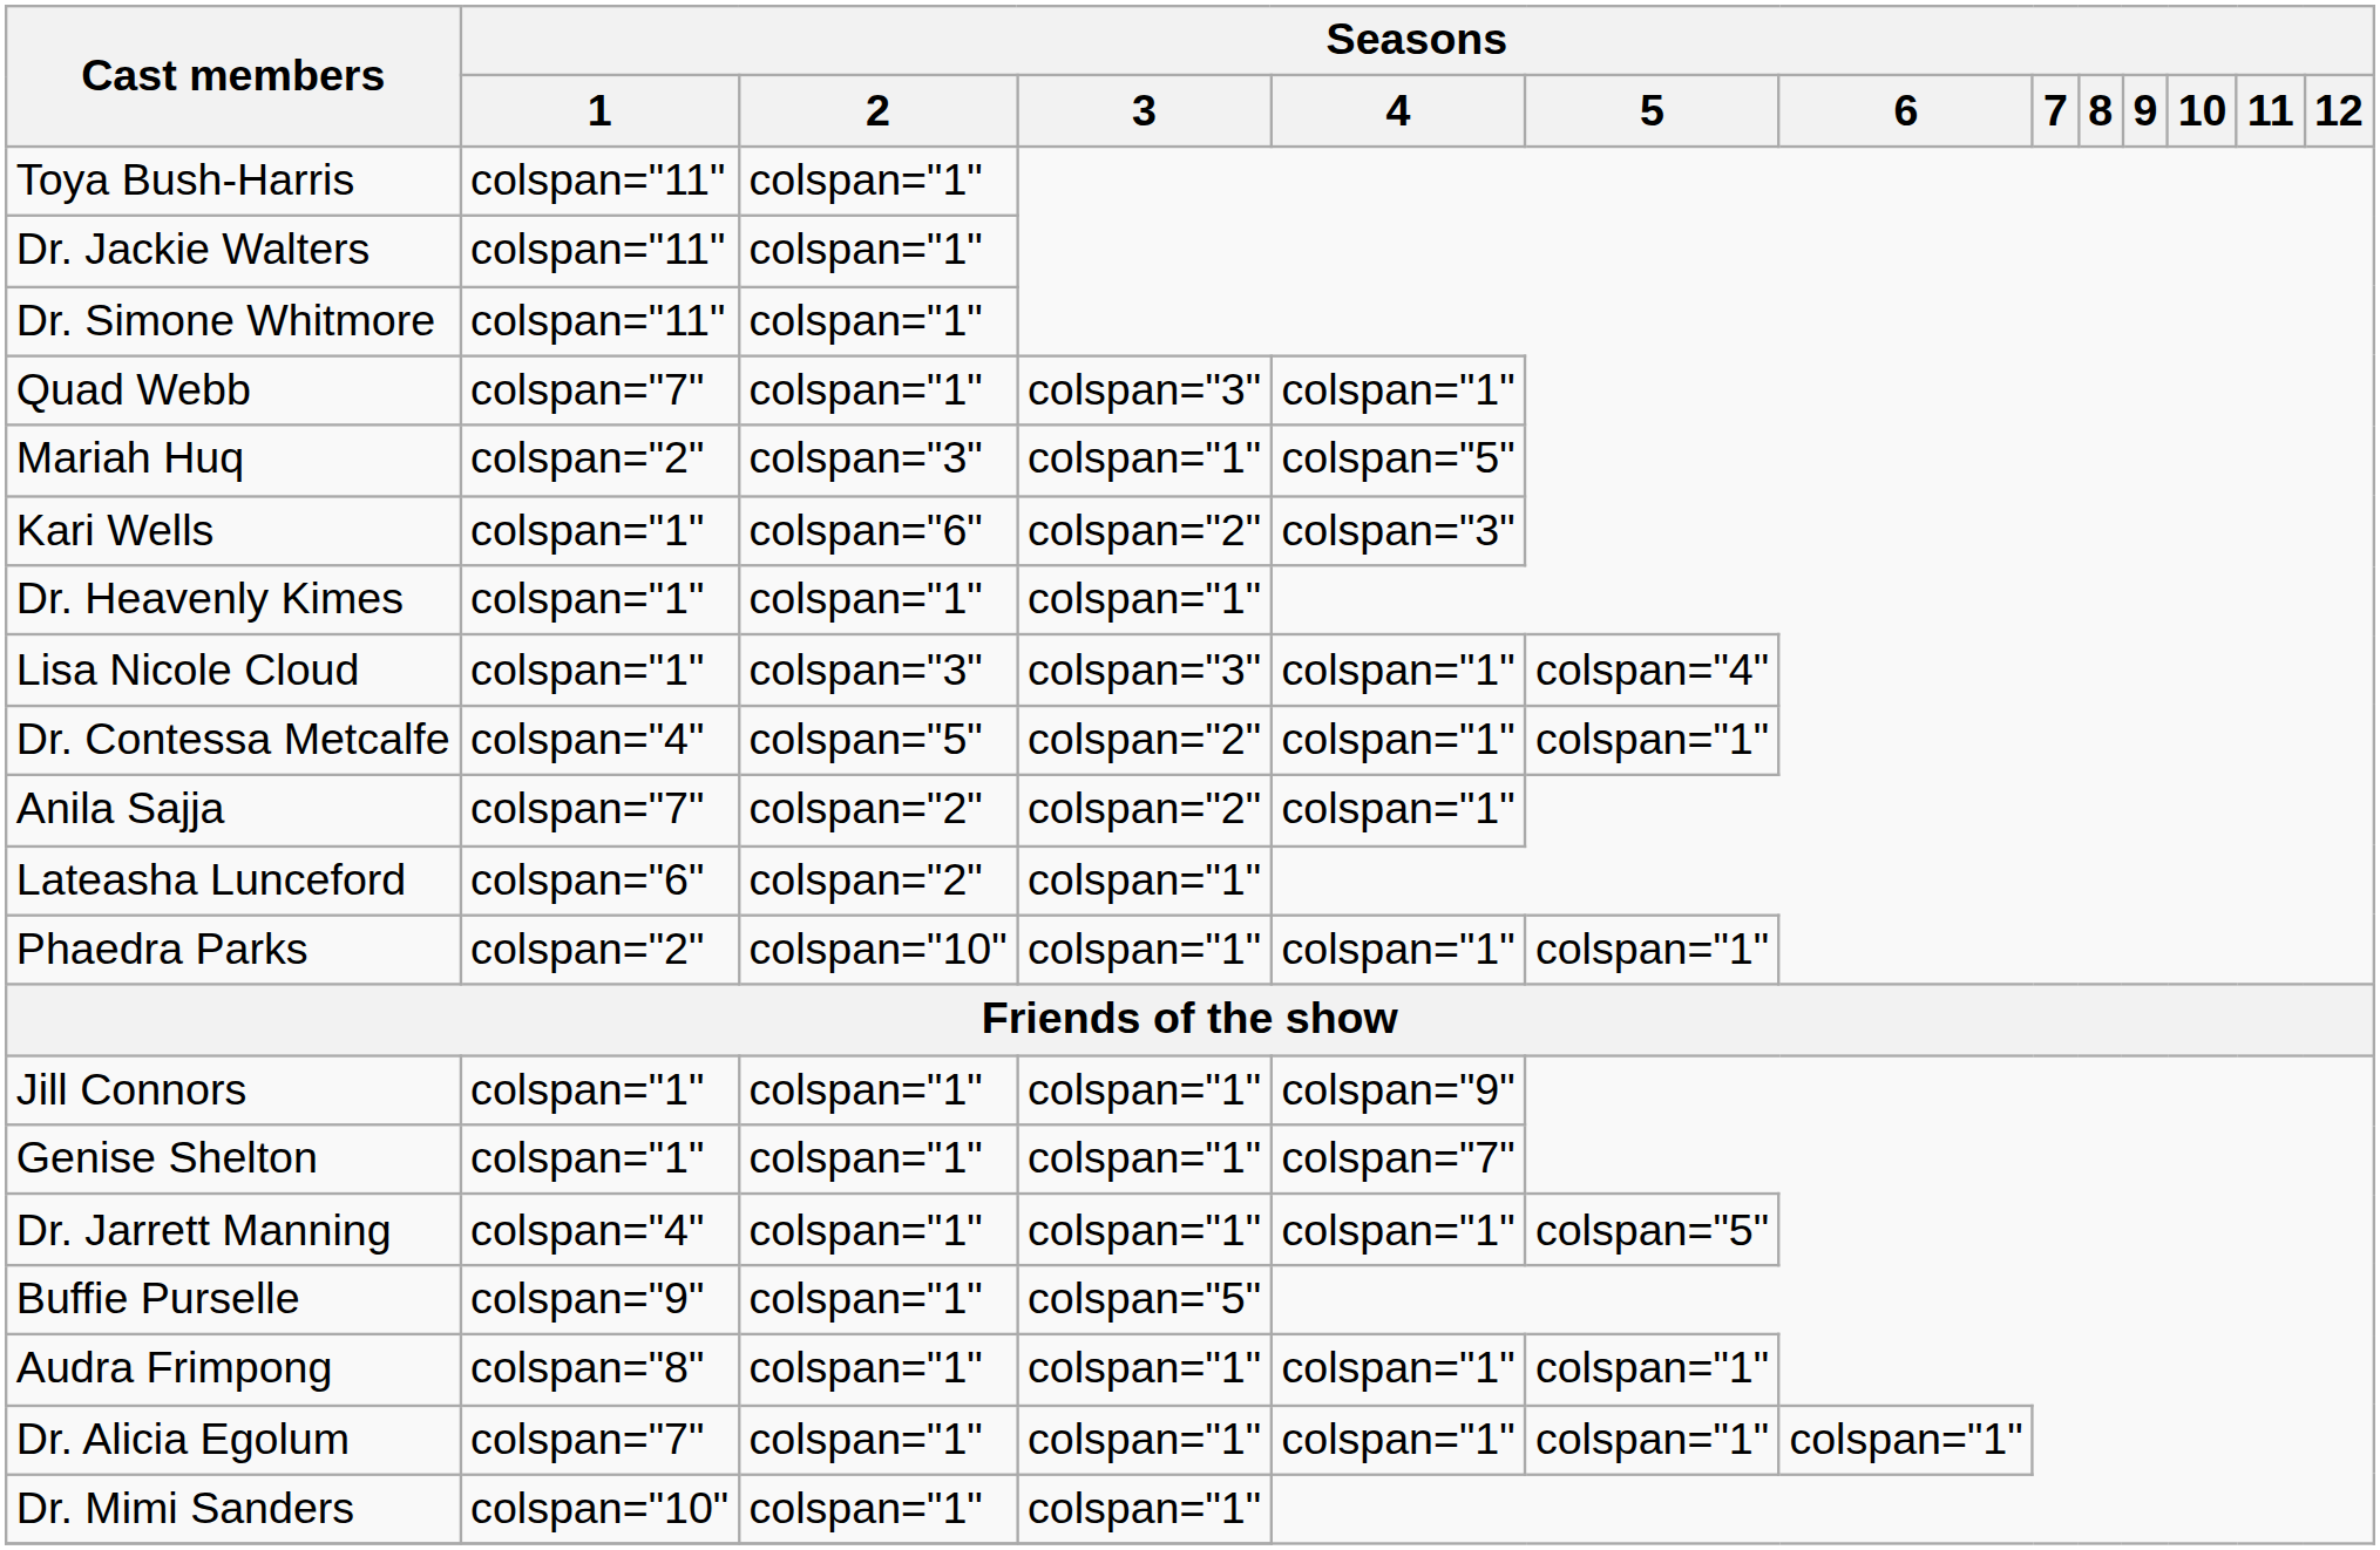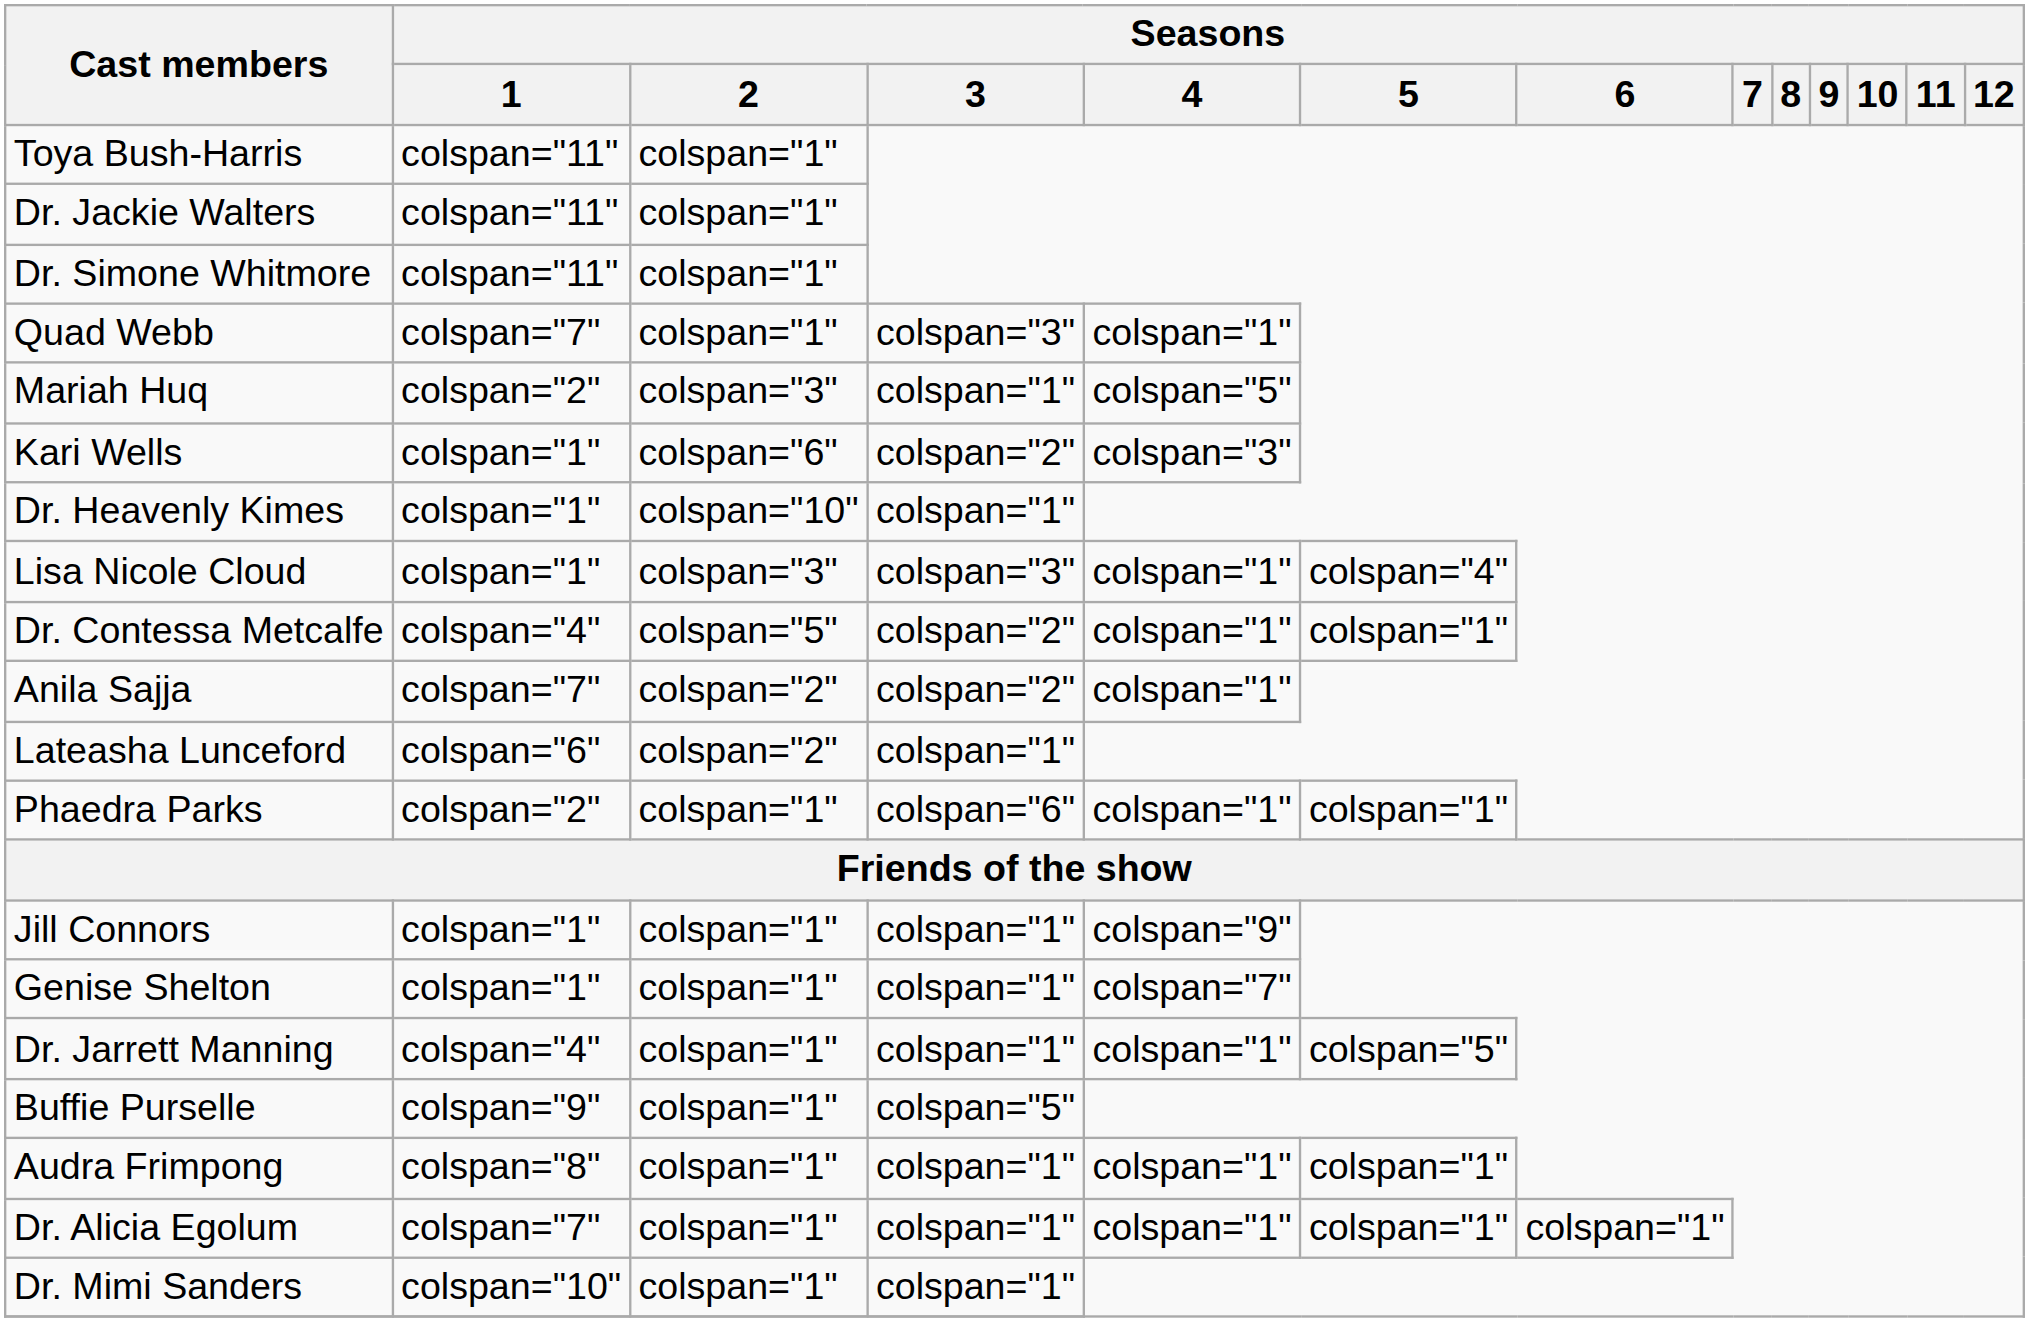 <table class="wikitable plainrowheaders" width="100%">
 <tr>
 <th scope="col" rowspan="2" style="width:10%;">Cast members</th>
 <th scope="col" colspan="12">Seasons</th>
 </tr>
 <tr>
 <th scope="col" style="width:4%;">1</th>
 <th scope="col" style="width:4%;">2</th>
 <th scope="col" style="width:4%;">3</th>
 <th scope="col" style="width:4%;">4</th>
 <th scope="col" style="width:4%;">5</th>
 <th scope="col" style="width:4%;">6</th>
 <th scope="col" style="width:4%;">7</th>
 <th scope="col" style="width:4%;">8</th>
 <th scope="col" style="width:4%;">9</th>
 <th scope="col" style="width:4%;">10</th>
 <th scope="col" style="width:4%;">11</th>
 <th scope="col" style="width:4%;">12</th>
 </tr>
 <tr>
 <td>Toya Bush-Harris</td>
 <td>colspan="11" </td>
 <td>colspan="1" </td>
 </tr>
 <tr>
 <td>Dr. Jackie Walters</td>
 <td>colspan="11" </td>
 <td>colspan="1" </td>
 </tr>
 <tr>
 <td>Dr. Simone Whitmore</td>
 <td>colspan="11" </td>
 <td>colspan="1" </td>
 </tr>
 <tr>
 <td>Quad Webb</td>
 <td>colspan="7" </td>
 <td>colspan="1" </td>
 <td>colspan="3" </td>
 <td>colspan="1" </td>
 </tr>
 <tr>
 <td>Mariah Huq</td>
 <td>colspan="2" </td>
 <td>colspan="3" </td>
 <td>colspan="1" </td>
 <td>colspan="5" </td>
 </tr>
 <tr>
 <td>Kari Wells</td>
 <td>colspan="1" </td>
 <td>colspan="6" </td>
 <td>colspan="2" </td>
 <td>colspan="3" </td>
 </tr>
 <tr>
 <td>Dr. Heavenly Kimes</td>
 <td>colspan="1" </td>
-<td>colspan="1" </td>
+<td>colspan="10" </td>
 <td>colspan="1" </td>
 </tr>
 <tr>
 <td>Lisa Nicole Cloud</td>
 <td>colspan="1" </td>
 <td>colspan="3" </td>
 <td>colspan="3" </td>
 <td>colspan="1" </td>
 <td>colspan="4" </td>
 </tr>
 <tr>
 <td nowrap>Dr. Contessa Metcalfe</td>
 <td>colspan="4" </td>
 <td>colspan="5" </td>
 <td>colspan="2" </td>
 <td>colspan="1" </td>
 <td>colspan="1" </td>
 </tr>
 <tr>
 <td>Anila Sajja</td>
 <td>colspan="7" </td>
 <td>colspan="2" </td>
 <td>colspan="2" </td>
 <td>colspan="1" </td>
 </tr>
 <tr>
 <td>Lateasha Lunceford</td>
 <td>colspan="6" </td>
 <td>colspan="2" </td>
 <td>colspan="1" </td>
 </tr>
 <tr>
 <td>Phaedra Parks</td>
 <td>colspan="2" </td>
-<td>colspan="10" </td>
 <td>colspan="1" </td>
+<td>colspan="6" </td>
 <td>colspan="1" </td>
 <td>colspan="1" </td>
 </tr>
 <tr>
 <th Colspan="13">Friends of the show</th>
 </tr>
 <tr>
 <td>Jill Connors</td>
 <td>colspan="1" </td>
 <td>colspan="1" </td>
 <td>colspan="1" </td>
 <td>colspan="9" </td>
 </tr>
 <tr>
 <td>Genise Shelton</td>
 <td>colspan="1" </td>
 <td>colspan="1" </td>
 <td>colspan="1" </td>
 <td>colspan="7" </td>
 </tr>
 <tr>
 <td>Dr. Jarrett Manning</td>
 <td>colspan="4" </td>
 <td>colspan="1" </td>
 <td>colspan="1" </td>
 <td>colspan="1" </td>
 <td>colspan="5" </td>
 </tr>
 <tr>
 <td>Buffie Purselle</td>
 <td>colspan="9" </td>
 <td>colspan="1" </td>
 <td>colspan="5" </td>
 </tr>
 <tr>
 <td>Audra Frimpong</td>
 <td>colspan="8" </td>
 <td>colspan="1" </td>
 <td>colspan="1" </td>
 <td>colspan="1" </td>
 <td>colspan="1" </td>
 </tr>
 <tr>
 <td>Dr. Alicia Egolum</td>
 <td>colspan="7" </td>
 <td>colspan="1" </td>
 <td>colspan="1" </td>
 <td>colspan="1" </td>
 <td>colspan="1" </td>
 <td>colspan="1" </td>
 </tr>
 <tr>
 <td>Dr. Mimi Sanders</td>
 <td>colspan="10" </td>
 <td>colspan="1" </td>
 <td>colspan="1" </td>
 </tr>
 <tr>
 </tr>
 </table>
